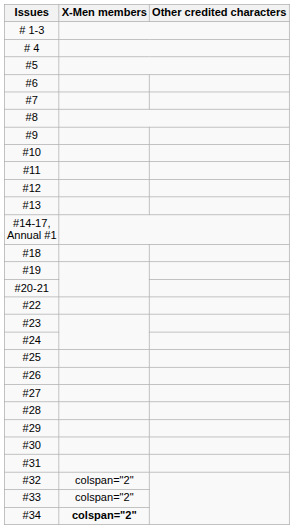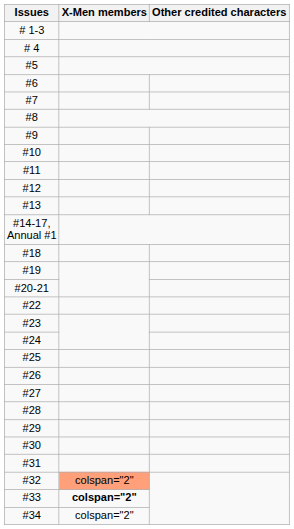 <table class="wikitable plainrowheaders" style="text-align:center;" border="1">
 <tr>
 <th scope="col">Issues</th>
 <th scope="col">X-Men members</th>
 <th scope="col">Other credited characters</th>
 </tr>
 <tr>
 <td># 1-3</td>
 <td colspan="2"></td>
 </tr>
 <tr>
 <td># 4</td>
 <td colspan="2"></td>
 </tr>
 <tr>
 <td>#5</td>
 <td colspan="2"></td>
 </tr>
 <tr>
 <td>#6</td>
 <td></td>
 <td></td>
 </tr>
 <tr>
 <td>#7</td>
 <td></td>
 <td></td>
 </tr>
 <tr>
 <td>#8</td>
 <td colspan="2"></td>
 </tr>
 <tr>
 <td>#9</td>
 <td></td>
 <td></td>
 </tr>
 <tr>
 <td>#10</td>
 <td></td>
 <td></td>
 </tr>
 <tr>
 <td>#11</td>
 <td></td>
 <td></td>
 </tr>
 <tr>
 <td>#12</td>
 <td></td>
 <td></td>
 </tr>
 <tr>
 <td>#13</td>
 <td></td>
 <td></td>
 </tr>
 <tr>
 <td>#14-17,<br> Annual #1</td>
 <td colspan="2"></td>
 </tr>
 <tr>
 <td>#18</td>
 <td></td>
 <td></td>
 </tr>
 <tr>
 <td>#19</td>
 <td rowspan="2"></td>
 <td></td>
 </tr>
 <tr>
 <td>#20-21</td>
 <td></td>
 </tr>
 <tr>
 <td>#22</td>
 <td></td>
 <td></td>
 </tr>
 <tr>
 <td>#23</td>
 <td rowspan ="2"></td>
 <td></td>
 </tr>
 <tr>
 <td>#24</td>
 <td></td>
 </tr>
 <tr>
 <td>#25</td>
 <td></td>
 <td></td>
 </tr>
 <tr>
 <td>#26</td>
 <td></td>
 <td></td>
 </tr>
 <tr>
 <td>#27</td>
 <td></td>
 <td></td>
 </tr>
 <tr>
 <td>#28</td>
 <td></td>
 <td></td>
 </tr>
 <tr>
 <td>#29</td>
 <td></td>
 <td></td>
 </tr>
 <tr>
 <td>#30</td>
 <td></td>
 <td></td>
 </tr>
 <tr>
 <td>#31</td>
 <td></td>
 <td></td>
 </tr>
 <tr>
 <td>#32</td>
-<td>colspan="2" </td>
+<td style="background: lightsalmon;">colspan="2" </td>
 </tr>
 <tr>
 <td>#33</td>
-<td>colspan="2" </td>
+<td><strong>colspan="2" </strong></td>
 </tr>
 <tr>
 <td>#34</td>
-<td><strong>colspan="2" </strong></td>
+<td>colspan="2" </td>
 </tr>
 </table>
